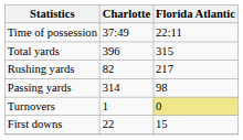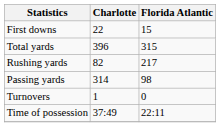 <table class="wikitable">
 <tr>
 <th>Statistics</th>
 <th>Charlotte</th>
 <th>Florida Atlantic</th>
 </tr>
 <tr>
-<td>Time of possession</td>
-<td>37:49</td>
-<td>22:11</td>
+<td>First downs</td>
+<td>22</td>
+<td>15</td>
 </tr>
 <tr>
 <td>Total yards</td>
 <td>396</td>
 <td>315</td>
 </tr>
 <tr>
 <td>Rushing yards</td>
 <td>82</td>
 <td>217</td>
 </tr>
 <tr>
 <td>Passing yards</td>
 <td>314</td>
 <td>98</td>
 </tr>
 <tr>
 <td>Turnovers</td>
 <td>1</td>
-<td style="background: khaki;">0</td>
+<td>0</td>
 </tr>
 <tr>
-<td>First downs</td>
-<td>22</td>
-<td>15</td>
+<td>Time of possession</td>
+<td>37:49</td>
+<td>22:11</td>
 </tr>
 <tr>
 </tr>
 </table>
